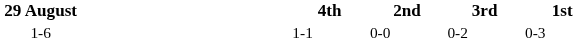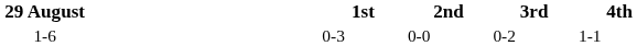 <table width=60% cellspacing=1>
 <tr>
 <th width=20%></th>
 <th width=12%>29 August</th>
 <th width=20%></th>
-<th width=8%>4th</th>
+<th width=8%>1st</th>
 <th width=8%>2nd</th>
 <th width=8%>3rd</th>
-<th width=8%>1st</th>
+<th width=8%>4th</th>
 </tr>
 <tr style=font-size:90%>
 <td align=right></td>
 <td align=center>1-6</td>
 <td><strong></strong></td>
-<td>1-1</td>
+<td>0-3</td>
 <td>0-0</td>
 <td>0-2</td>
-<td>0-3</td>
+<td>1-1</td>
 </tr>
 </table>
